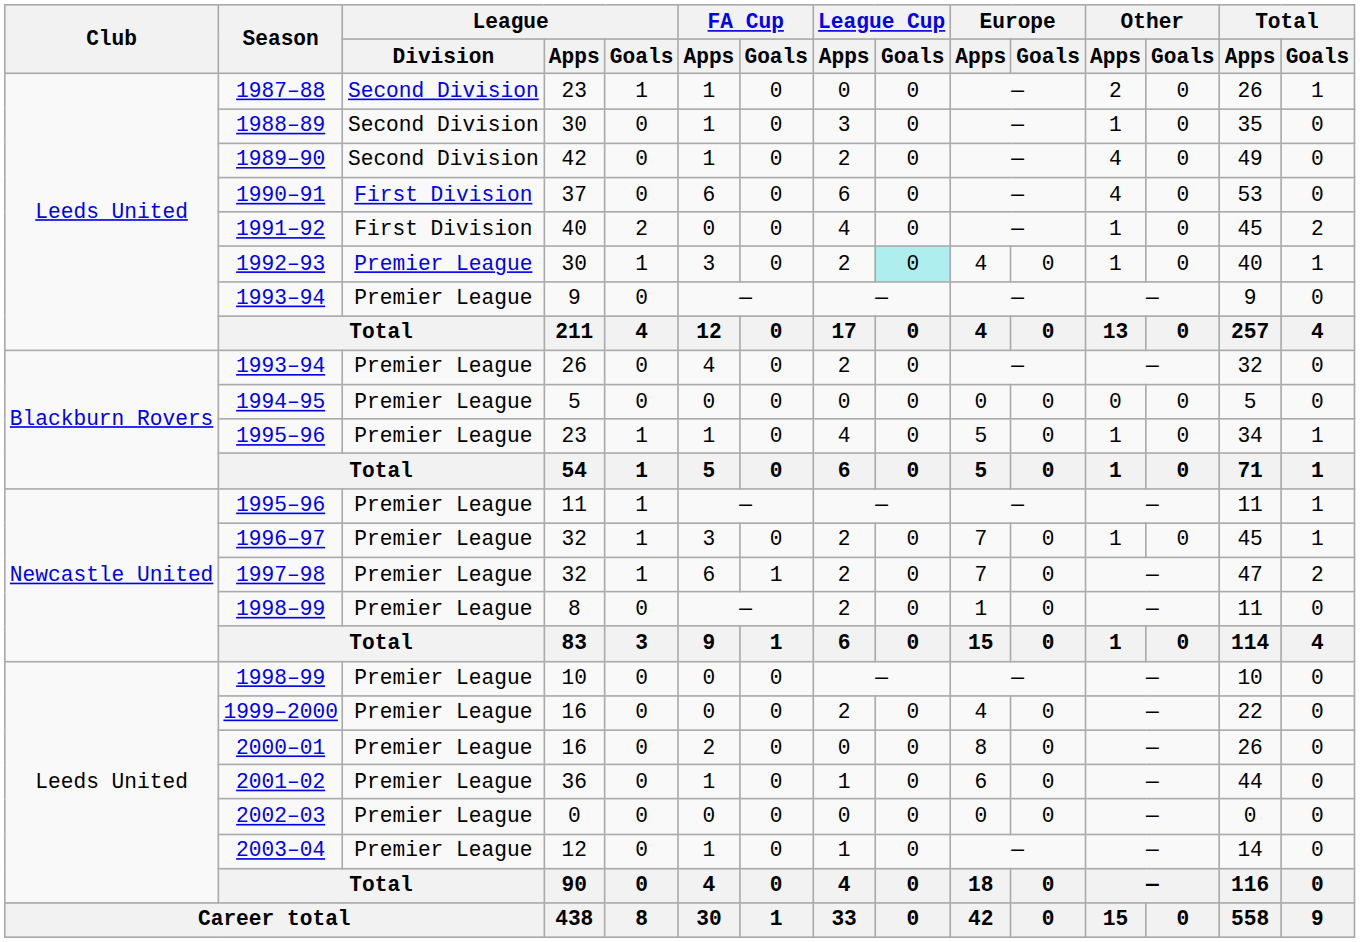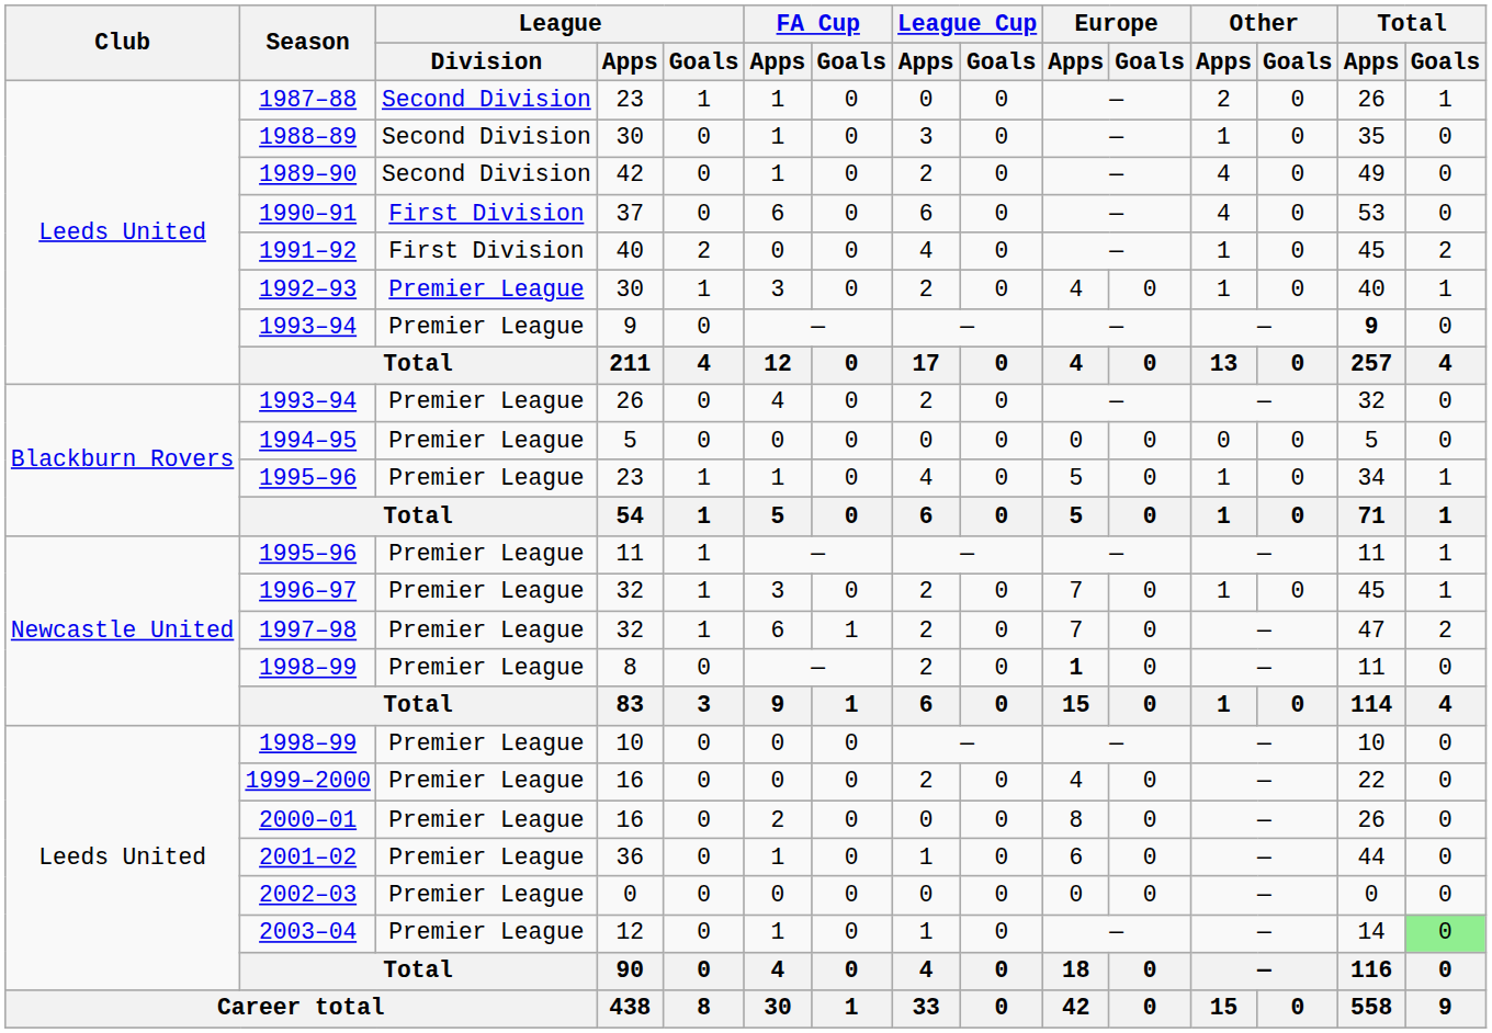 <table class="wikitable" style="text-align:center">
 <tr>
 <th rowspan="2">Club</th>
 <th rowspan="2">Season</th>
 <th colspan="3">League</th>
 <th colspan="2"><a href='#'>FA Cup</a></th>
 <th colspan="2"><a href='#'>League Cup</a></th>
 <th colspan="2">Europe</th>
 <th colspan="2">Other</th>
 <th colspan="2">Total</th>
 </tr>
 <tr>
 <th>Division</th>
 <th>Apps</th>
 <th>Goals</th>
 <th>Apps</th>
 <th>Goals</th>
 <th>Apps</th>
 <th>Goals</th>
 <th>Apps</th>
 <th>Goals</th>
 <th>Apps</th>
 <th>Goals</th>
 <th>Apps</th>
 <th>Goals</th>
 </tr>
 <tr>
 <td rowspan="8"><a href='#'>Leeds United</a></td>
 <td><a href='#'>1987–88</a></td>
 <td><a href='#'>Second Division</a></td>
 <td>23</td>
 <td>1</td>
 <td>1</td>
 <td>0</td>
 <td>0</td>
 <td>0</td>
 <td colspan="2">—</td>
 <td>2</td>
 <td>0</td>
 <td>26</td>
 <td>1</td>
 </tr>
 <tr>
 <td><a href='#'>1988–89</a></td>
 <td>Second Division</td>
 <td>30</td>
 <td>0</td>
 <td>1</td>
 <td>0</td>
 <td>3</td>
 <td>0</td>
 <td colspan="2">—</td>
 <td>1</td>
 <td>0</td>
 <td>35</td>
 <td>0</td>
 </tr>
 <tr>
 <td><a href='#'>1989–90</a></td>
 <td>Second Division</td>
 <td>42</td>
 <td>0</td>
 <td>1</td>
 <td>0</td>
 <td>2</td>
 <td>0</td>
 <td colspan="2">—</td>
 <td>4</td>
 <td>0</td>
 <td>49</td>
 <td>0</td>
 </tr>
 <tr>
 <td><a href='#'>1990–91</a></td>
 <td><a href='#'>First Division</a></td>
 <td>37</td>
 <td>0</td>
 <td>6</td>
 <td>0</td>
 <td>6</td>
 <td>0</td>
 <td colspan="2">—</td>
 <td>4</td>
 <td>0</td>
 <td>53</td>
 <td>0</td>
 </tr>
 <tr>
 <td><a href='#'>1991–92</a></td>
 <td>First Division</td>
 <td>40</td>
 <td>2</td>
 <td>0</td>
 <td>0</td>
 <td>4</td>
 <td>0</td>
 <td colspan="2">—</td>
 <td>1</td>
 <td>0</td>
 <td>45</td>
 <td>2</td>
 </tr>
 <tr>
 <td><a href='#'>1992–93</a></td>
 <td><a href='#'>Premier League</a></td>
 <td>30</td>
 <td>1</td>
 <td>3</td>
 <td>0</td>
 <td>2</td>
-<td style="background: paleturquoise;">0</td>
+<td>0</td>
 <td>4</td>
 <td>0</td>
 <td>1</td>
 <td>0</td>
 <td>40</td>
 <td>1</td>
 </tr>
 <tr>
 <td><a href='#'>1993–94</a></td>
 <td>Premier League</td>
 <td>9</td>
 <td>0</td>
 <td colspan="2">—</td>
 <td colspan="2">—</td>
 <td colspan="2">—</td>
 <td colspan="2">—</td>
-<td>9</td>
+<td><strong>9</strong></td>
 <td>0</td>
 </tr>
 <tr>
 <th colspan="2">Total</th>
 <th>211</th>
 <th>4</th>
 <th>12</th>
 <th>0</th>
 <th>17</th>
 <th>0</th>
 <th>4</th>
 <th>0</th>
 <th>13</th>
 <th>0</th>
 <th>257</th>
 <th>4</th>
 </tr>
 <tr>
 <td rowspan="4"><a href='#'>Blackburn Rovers</a></td>
 <td><a href='#'>1993–94</a></td>
 <td>Premier League</td>
 <td>26</td>
 <td>0</td>
 <td>4</td>
 <td>0</td>
 <td>2</td>
 <td>0</td>
 <td colspan="2">—</td>
 <td colspan="2">—</td>
 <td>32</td>
 <td>0</td>
 </tr>
 <tr>
 <td><a href='#'>1994–95</a></td>
 <td>Premier League</td>
 <td>5</td>
 <td>0</td>
 <td>0</td>
 <td>0</td>
 <td>0</td>
 <td>0</td>
 <td>0</td>
 <td>0</td>
 <td>0</td>
 <td>0</td>
 <td>5</td>
 <td>0</td>
 </tr>
 <tr>
 <td><a href='#'>1995–96</a></td>
 <td>Premier League</td>
 <td>23</td>
 <td>1</td>
 <td>1</td>
 <td>0</td>
 <td>4</td>
 <td>0</td>
 <td>5</td>
 <td>0</td>
 <td>1</td>
 <td>0</td>
 <td>34</td>
 <td>1</td>
 </tr>
 <tr>
 <th colspan="2">Total</th>
 <th>54</th>
 <th>1</th>
 <th>5</th>
 <th>0</th>
 <th>6</th>
 <th>0</th>
 <th>5</th>
 <th>0</th>
 <th>1</th>
 <th>0</th>
 <th>71</th>
 <th>1</th>
 </tr>
 <tr>
 <td rowspan="5"><a href='#'>Newcastle United</a></td>
 <td><a href='#'>1995–96</a></td>
 <td>Premier League</td>
 <td>11</td>
 <td>1</td>
 <td colspan="2">—</td>
 <td colspan="2">—</td>
 <td colspan="2">—</td>
 <td colspan="2">—</td>
 <td>11</td>
 <td>1</td>
 </tr>
 <tr>
 <td><a href='#'>1996–97</a></td>
 <td>Premier League</td>
 <td>32</td>
 <td>1</td>
 <td>3</td>
 <td>0</td>
 <td>2</td>
 <td>0</td>
 <td>7</td>
 <td>0</td>
 <td>1</td>
 <td>0</td>
 <td>45</td>
 <td>1</td>
 </tr>
 <tr>
 <td><a href='#'>1997–98</a></td>
 <td>Premier League</td>
 <td>32</td>
 <td>1</td>
 <td>6</td>
 <td>1</td>
 <td>2</td>
 <td>0</td>
 <td>7</td>
 <td>0</td>
 <td colspan="2">—</td>
 <td>47</td>
 <td>2</td>
 </tr>
 <tr>
 <td><a href='#'>1998–99</a></td>
 <td>Premier League</td>
 <td>8</td>
 <td>0</td>
 <td colspan="2">—</td>
 <td>2</td>
 <td>0</td>
-<td>1</td>
+<td><strong>1</strong></td>
 <td>0</td>
 <td colspan="2">—</td>
 <td>11</td>
 <td>0</td>
 </tr>
 <tr>
 <th colspan="2">Total</th>
 <th>83</th>
 <th>3</th>
 <th>9</th>
 <th>1</th>
 <th>6</th>
 <th>0</th>
 <th>15</th>
 <th>0</th>
 <th>1</th>
 <th>0</th>
 <th>114</th>
 <th>4</th>
 </tr>
 <tr>
 <td rowspan="7">Leeds United</td>
 <td><a href='#'>1998–99</a></td>
 <td>Premier League</td>
 <td>10</td>
 <td>0</td>
 <td>0</td>
 <td>0</td>
 <td colspan="2">—</td>
 <td colspan="2">—</td>
 <td colspan="2">—</td>
 <td>10</td>
 <td>0</td>
 </tr>
 <tr>
 <td><a href='#'>1999–2000</a></td>
 <td>Premier League</td>
 <td>16</td>
 <td>0</td>
 <td>0</td>
 <td>0</td>
 <td>2</td>
 <td>0</td>
 <td>4</td>
 <td>0</td>
 <td colspan="2">—</td>
 <td>22</td>
 <td>0</td>
 </tr>
 <tr>
 <td><a href='#'>2000–01</a></td>
 <td>Premier League</td>
 <td>16</td>
 <td>0</td>
 <td>2</td>
 <td>0</td>
 <td>0</td>
 <td>0</td>
 <td>8</td>
 <td>0</td>
 <td colspan="2">—</td>
 <td>26</td>
 <td>0</td>
 </tr>
 <tr>
 <td><a href='#'>2001–02</a></td>
 <td>Premier League</td>
 <td>36</td>
 <td>0</td>
 <td>1</td>
 <td>0</td>
 <td>1</td>
 <td>0</td>
 <td>6</td>
 <td>0</td>
 <td colspan="2">—</td>
 <td>44</td>
 <td>0</td>
 </tr>
 <tr>
 <td><a href='#'>2002–03</a></td>
 <td>Premier League</td>
 <td>0</td>
 <td>0</td>
 <td>0</td>
 <td>0</td>
 <td>0</td>
 <td>0</td>
 <td>0</td>
 <td>0</td>
 <td colspan="2">—</td>
 <td>0</td>
 <td>0</td>
 </tr>
 <tr>
 <td><a href='#'>2003–04</a></td>
 <td>Premier League</td>
 <td>12</td>
 <td>0</td>
 <td>1</td>
 <td>0</td>
 <td>1</td>
 <td>0</td>
 <td colspan="2">—</td>
 <td colspan="2">—</td>
 <td>14</td>
-<td>0</td>
+<td style="background: lightgreen;">0</td>
 </tr>
 <tr>
 <th colspan="2">Total</th>
 <th>90</th>
 <th>0</th>
 <th>4</th>
 <th>0</th>
 <th>4</th>
 <th>0</th>
 <th>18</th>
 <th>0</th>
 <th colspan="2">—</th>
 <th>116</th>
 <th>0</th>
 </tr>
 <tr>
 <th colspan="3">Career total</th>
 <th>438</th>
 <th>8</th>
 <th>30</th>
 <th>1</th>
 <th>33</th>
 <th>0</th>
 <th>42</th>
 <th>0</th>
 <th>15</th>
 <th>0</th>
 <th>558</th>
 <th>9</th>
 </tr>
 </table>
